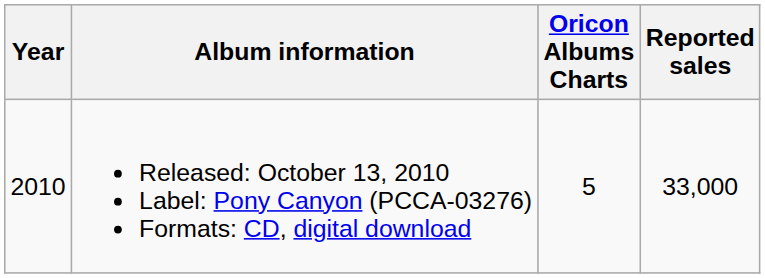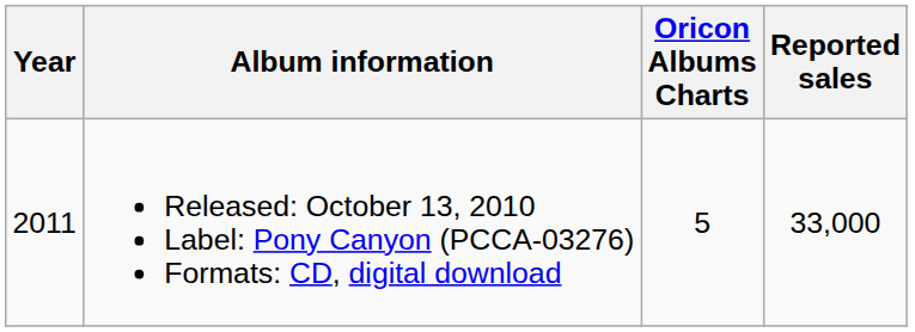 <table class="wikitable">
 <tr>
 <th rowspan="1">Year</th>
 <th rowspan="1">Album information</th>
 <th colspan="1"><a href='#'>Oricon</a><br>Albums<br>Charts<br></th>
 <th colspan="1">Reported<br>sales<br></th>
 </tr>
 <tr>
-<td align="center">2010</td>
+<td align="center">2011</td>
 <td><br><ul><li>Released: October 13, 2010</li><li>Label: <a href='#'>Pony Canyon</a> (PCCA-03276)</li><li>Formats: <a href='#'>CD</a>, <a href='#'>digital download</a></li></ul></td>
 <td align="center">5</td>
 <td align="center">33,000 </td>
 </tr>
 </table>
